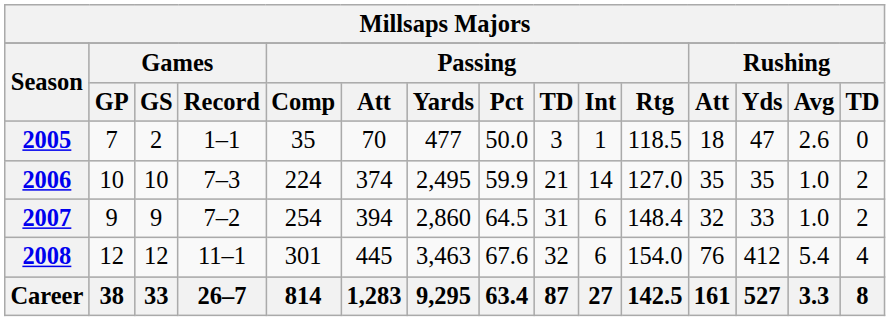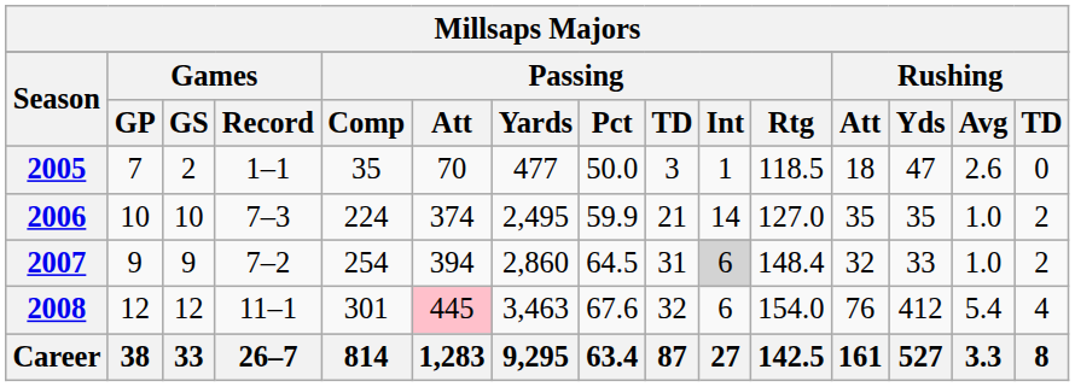 <table class=wikitable style="text-align:center;">
 <tr>
 <th colspan="15">Millsaps Majors</th>
 </tr>
 <tr>
 </tr>
 <tr>
 <th rowspan="2">Season</th>
 <th colspan="3">Games</th>
 <th colspan="7">Passing</th>
 <th colspan="4">Rushing</th>
 </tr>
 <tr>
 <th>GP</th>
 <th>GS</th>
 <th>Record</th>
 <th>Comp</th>
 <th>Att</th>
 <th>Yards</th>
 <th>Pct</th>
 <th>TD</th>
 <th>Int</th>
 <th>Rtg</th>
 <th>Att</th>
 <th>Yds</th>
 <th>Avg</th>
 <th>TD</th>
 </tr>
 <tr>
 <th><a href='#'>2005</a></th>
 <td>7</td>
 <td>2</td>
 <td>1–1</td>
 <td>35</td>
 <td>70</td>
 <td>477</td>
 <td>50.0</td>
 <td>3</td>
 <td>1</td>
 <td>118.5</td>
 <td>18</td>
 <td>47</td>
 <td>2.6</td>
 <td>0</td>
 </tr>
 <tr>
 <th><a href='#'>2006</a></th>
 <td>10</td>
 <td>10</td>
 <td>7–3</td>
 <td>224</td>
 <td>374</td>
 <td>2,495</td>
 <td>59.9</td>
 <td>21</td>
 <td>14</td>
 <td>127.0</td>
 <td>35</td>
 <td>35</td>
 <td>1.0</td>
 <td>2</td>
 </tr>
 <tr>
 <th><a href='#'>2007</a></th>
 <td>9</td>
 <td>9</td>
 <td>7–2</td>
 <td>254</td>
 <td>394</td>
 <td>2,860</td>
 <td>64.5</td>
 <td>31</td>
-<td>6</td>
+<td style="background: lightgrey;">6</td>
 <td>148.4</td>
 <td>32</td>
 <td>33</td>
 <td>1.0</td>
 <td>2</td>
 </tr>
 <tr>
 <th><a href='#'>2008</a></th>
 <td>12</td>
 <td>12</td>
 <td>11–1</td>
 <td>301</td>
-<td>445</td>
+<td style="background: pink;">445</td>
 <td>3,463</td>
 <td>67.6</td>
 <td>32</td>
 <td>6</td>
 <td>154.0</td>
 <td>76</td>
 <td>412</td>
 <td>5.4</td>
 <td>4</td>
 </tr>
 <tr>
 <th>Career</th>
 <th>38</th>
 <th>33</th>
 <th>26–7</th>
 <th>814</th>
 <th>1,283</th>
 <th>9,295</th>
 <th>63.4</th>
 <th>87</th>
 <th>27</th>
 <th>142.5</th>
 <th>161</th>
 <th>527</th>
 <th>3.3</th>
 <th>8</th>
 </tr>
 </table>
